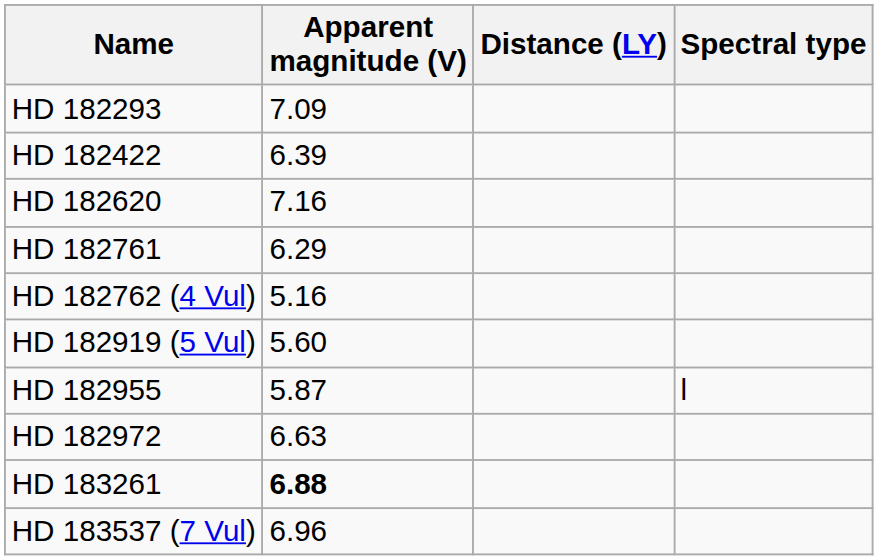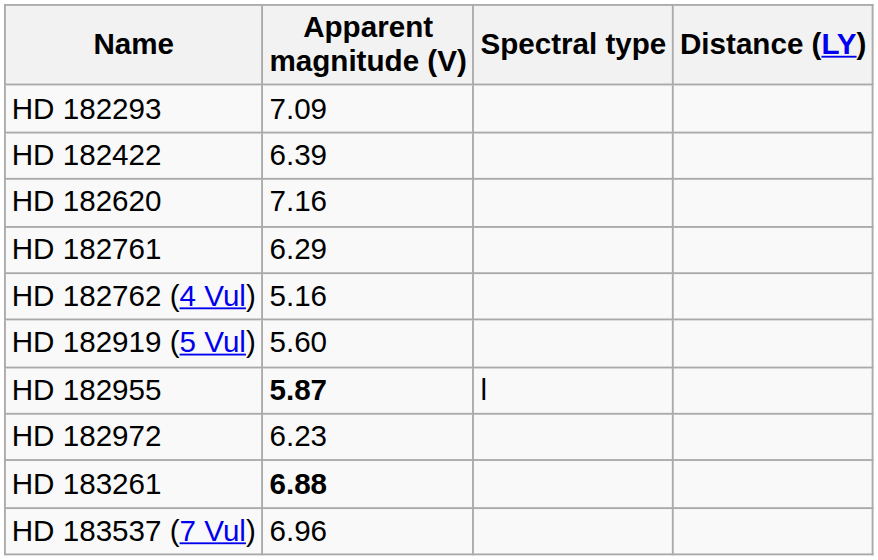 <table class="wikitable sortable">
 <tr>
 <th>Name</th>
 <th>Apparent<br>magnitude (V)</th>
+<th>Spectral type</th>
 <th>Distance (<a href='#'>LY</a>)</th>
-<th>Spectral type</th>
 </tr>
 <tr>
 <td>HD 182293</td>
 <td>7.09</td>
+<td style="background:#"></td>
 <td></td>
-<td style="background:#"></td>
 </tr>
 <tr>
 <td>HD 182422</td>
 <td>6.39</td>
+<td style="background:#"></td>
 <td></td>
-<td style="background:#"></td>
 </tr>
 <tr>
 <td>HD 182620</td>
 <td>7.16</td>
+<td style="background:#"></td>
 <td></td>
-<td style="background:#"></td>
 </tr>
 <tr>
 <td>HD 182761</td>
 <td>6.29</td>
+<td style="background:#"></td>
 <td></td>
-<td style="background:#"></td>
 </tr>
 <tr>
 <td>HD 182762 (<a href='#'>4 Vul</a>)</td>
 <td>5.16</td>
+<td style="background:#"></td>
 <td></td>
-<td style="background:#"></td>
 </tr>
 <tr>
 <td>HD 182919 (<a href='#'>5 Vul</a>)</td>
 <td>5.60</td>
+<td style="background:#"></td>
 <td></td>
-<td style="background:#"></td>
 </tr>
 <tr>
 <td>HD 182955</td>
-<td>5.87</td>
+<td><strong>5.87</strong></td>
+<td style="background:#">l</td>
 <td></td>
-<td style="background:#">l</td>
 </tr>
 <tr>
 <td>HD 182972</td>
-<td>6.63</td>
+<td>6.23</td>
+<td style="background:#"></td>
 <td></td>
-<td style="background:#"></td>
 </tr>
 <tr>
 <td>HD 183261</td>
 <td><strong>6.88</strong></td>
+<td style="background:#"></td>
 <td></td>
-<td style="background:#"></td>
 </tr>
 <tr>
 <td>HD 183537 (<a href='#'>7 Vul</a>)</td>
 <td>6.96</td>
+<td style="background:#"></td>
 <td></td>
-<td style="background:#"></td>
 </tr>
 </table>
